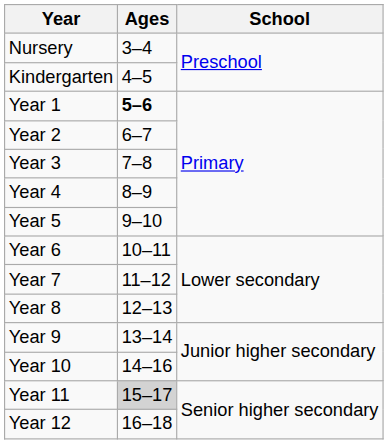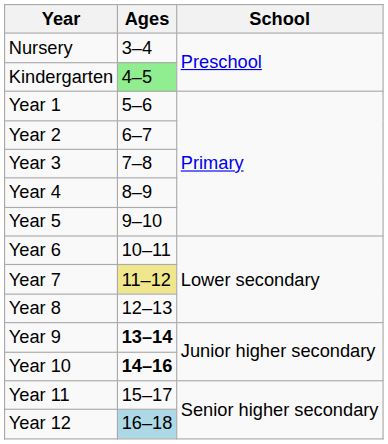 <table class="wikitable">
 <tr>
 <th>Year</th>
 <th>Ages</th>
 <th>School</th>
 </tr>
 <tr>
 <td>Nursery</td>
 <td>3–4</td>
 <td rowspan=2><a href='#'>Preschool</a></td>
 </tr>
 <tr>
 <td>Kindergarten</td>
-<td>4–5</td>
+<td style="background: lightgreen;">4–5</td>
 </tr>
 <tr>
 <td>Year 1</td>
-<td><strong>5–6</strong></td>
+<td>5–6</td>
 <td rowspan=5><a href='#'>Primary</a></td>
 </tr>
 <tr>
 <td>Year 2</td>
 <td>6–7</td>
 </tr>
 <tr>
 <td>Year 3</td>
 <td>7–8</td>
 </tr>
 <tr>
 <td>Year 4</td>
 <td>8–9</td>
 </tr>
 <tr>
 <td>Year 5</td>
 <td>9–10</td>
 </tr>
 <tr>
 <td>Year 6</td>
 <td>10–11</td>
 <td rowspan=3>Lower secondary</td>
 </tr>
 <tr>
 <td>Year 7</td>
-<td>11–12</td>
+<td style="background: khaki;">11–12</td>
 </tr>
 <tr>
 <td>Year 8</td>
 <td>12–13</td>
 </tr>
 <tr>
 <td>Year 9</td>
-<td>13–14</td>
+<td><strong>13–14</strong></td>
 <td rowspan="2">Junior higher secondary</td>
 </tr>
 <tr>
 <td>Year 10</td>
-<td>14–16</td>
+<td><strong>14–16</strong></td>
 </tr>
 <tr>
 <td>Year 11</td>
-<td style="background: lightgrey;">15–17</td>
+<td>15–17</td>
 <td rowspan="2">Senior higher secondary</td>
 </tr>
 <tr>
 <td>Year 12</td>
-<td>16–18</td>
+<td style="background: lightblue;">16–18</td>
 </tr>
 </table>
